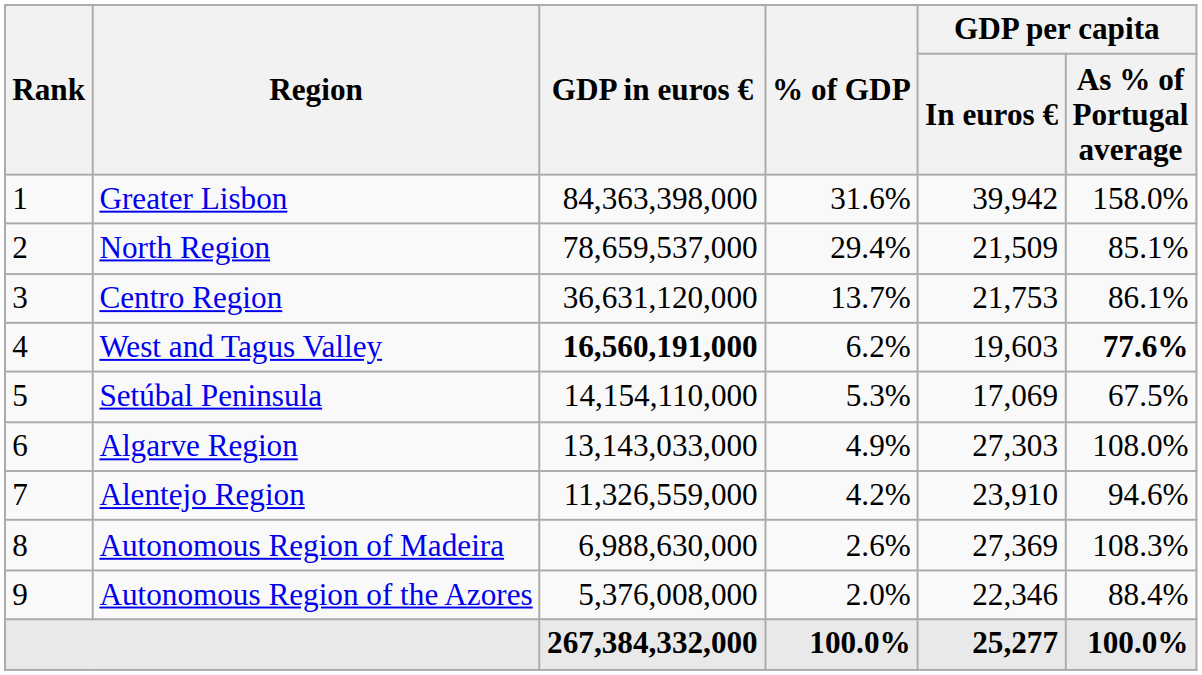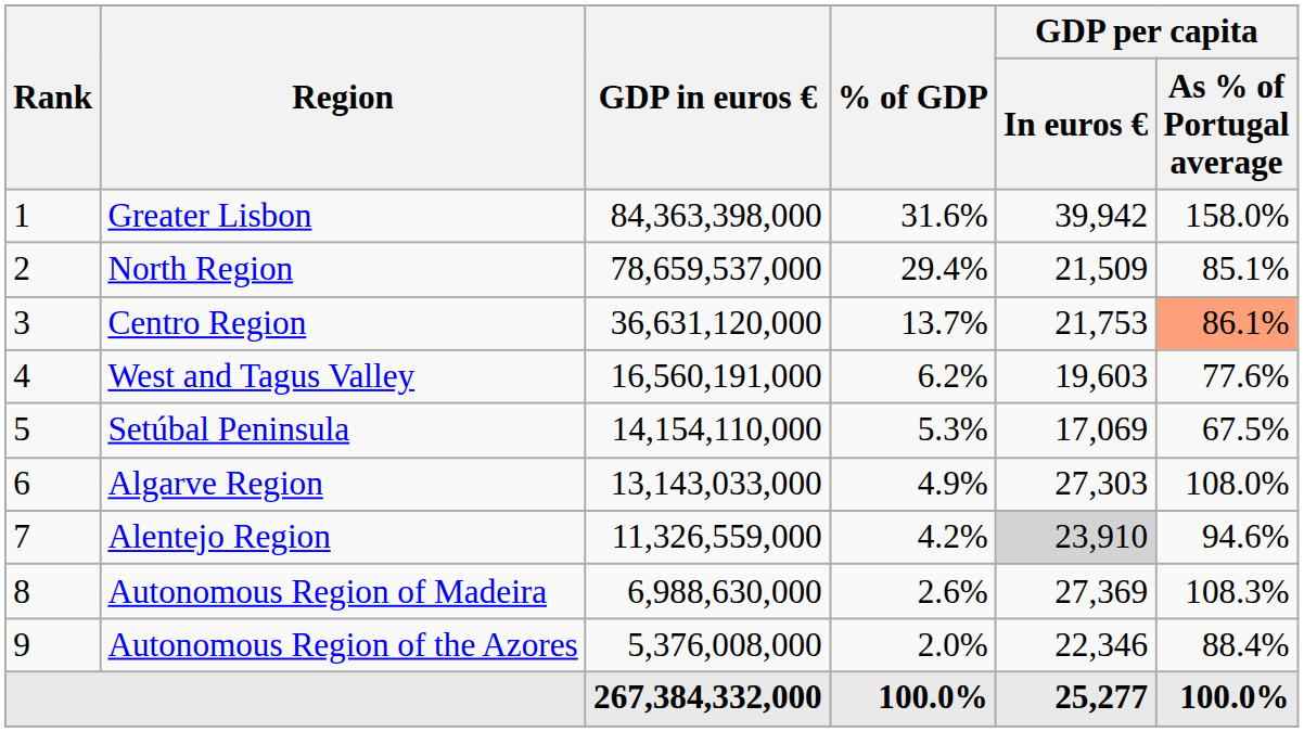 <table class="wikitable sortable">
 <tr>
 <th rowspan=2>Rank</th>
 <th rowspan=2>Region</th>
 <th rowspan=2>GDP in euros €</th>
 <th rowspan=2>% of GDP</th>
 <th colspan=2>GDP per capita</th>
 </tr>
 <tr>
 <th>In euros €</th>
 <th>As % of<br>Portugal<br>average</th>
 </tr>
 <tr>
 <td>1</td>
 <td><a href='#'>Greater Lisbon</a></td>
 <td align=right>84,363,398,000</td>
 <td align=right>31.6%</td>
 <td align=right>39,942</td>
 <td align=right>158.0%</td>
 </tr>
 <tr>
 <td>2</td>
 <td><a href='#'>North Region</a></td>
 <td align=right>78,659,537,000</td>
 <td align=right>29.4%</td>
 <td align=right>21,509</td>
 <td align=right>85.1%</td>
 </tr>
 <tr>
 <td>3</td>
 <td><a href='#'>Centro Region</a></td>
 <td align=right>36,631,120,000</td>
 <td align=right>13.7%</td>
 <td align=right>21,753</td>
-<td align=right>86.1%</td>
+<td align=right style="background: lightsalmon;">86.1%</td>
 </tr>
 <tr>
 <td>4</td>
 <td><a href='#'>West and Tagus Valley</a></td>
-<td align=right><strong>16,560,191,000</strong></td>
+<td align=right>16,560,191,000</td>
 <td align=right>6.2%</td>
 <td align=right>19,603</td>
-<td align=right><strong>77.6%</strong></td>
+<td align=right>77.6%</td>
 </tr>
 <tr>
 <td>5</td>
 <td><a href='#'>Setúbal Peninsula</a></td>
 <td align=right>14,154,110,000</td>
 <td align=right>5.3%</td>
 <td align=right>17,069</td>
 <td align=right>67.5%</td>
 </tr>
 <tr>
 <td>6</td>
 <td><a href='#'>Algarve Region</a></td>
 <td align=right>13,143,033,000</td>
 <td align=right>4.9%</td>
 <td align=right>27,303</td>
 <td align=right>108.0%</td>
 </tr>
 <tr>
 <td>7</td>
 <td><a href='#'>Alentejo Region</a></td>
 <td align=right>11,326,559,000</td>
 <td align=right>4.2%</td>
-<td align=right>23,910</td>
+<td align=right style="background: lightgrey;">23,910</td>
 <td align=right>94.6%</td>
 </tr>
 <tr>
 <td>8</td>
 <td><a href='#'>Autonomous Region of Madeira</a></td>
 <td align=right>6,988,630,000</td>
 <td align=right>2.6%</td>
 <td align=right>27,369</td>
 <td align=right>108.3%</td>
 </tr>
 <tr>
 <td>9</td>
 <td><a href='#'>Autonomous Region of the Azores</a></td>
 <td align=right>5,376,008,000</td>
 <td align=right>2.0%</td>
 <td align=right>22,346</td>
 <td align=right>88.4%</td>
 </tr>
 <tr style="background-color:#E9E9E9">
 <td colspan="2"><strong></strong></td>
 <td align=right><strong>267,384,332,000</strong></td>
 <td align=right><strong>100.0%</strong></td>
 <td align=right><strong>25,277</strong></td>
 <td align=right><strong>100.0%</strong></td>
 </tr>
 </table>
